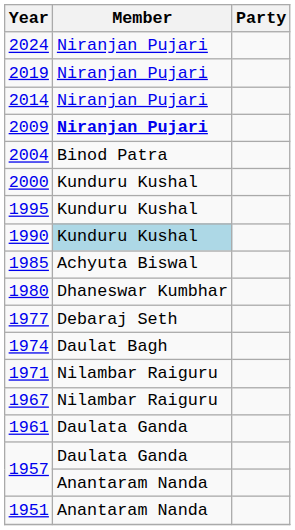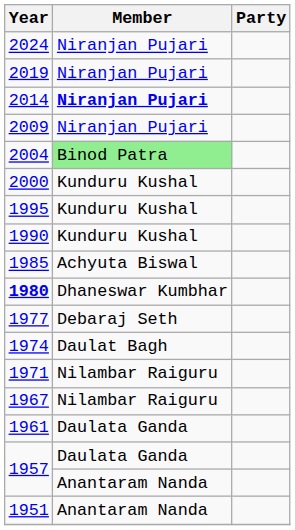 <table class="wikitable sortable">
 <tr>
 <th>Year</th>
 <th>Member</th>
 <th colspan="2">Party</th>
 </tr>
 <tr>
 <td><a href='#'>2024</a></td>
 <td><a href='#'>Niranjan Pujari</a></td>
 <td></td>
 </tr>
 <tr>
 <td><a href='#'>2019</a></td>
 <td><a href='#'>Niranjan Pujari</a></td>
 <td></td>
 </tr>
 <tr>
 <td><a href='#'>2014</a></td>
+<td><strong><a href='#'>Niranjan Pujari</a></strong></td>
+<td></td>
+</tr>
+<tr>
+<td><a href='#'>2009</a></td>
 <td><a href='#'>Niranjan Pujari</a></td>
 <td></td>
 </tr>
 <tr>
-<td><a href='#'>2009</a></td>
-<td><strong><a href='#'>Niranjan Pujari</a></strong></td>
-<td></td>
-</tr>
-<tr>
 <td><a href='#'>2004</a></td>
-<td>Binod Patra</td>
+<td style="background: lightgreen;">Binod Patra</td>
 <td></td>
 </tr>
 <tr>
 <td><a href='#'>2000</a></td>
 <td>Kunduru Kushal</td>
 <td></td>
 </tr>
 <tr>
 <td><a href='#'>1995</a></td>
 <td>Kunduru Kushal</td>
 <td></td>
 </tr>
 <tr>
 <td><a href='#'>1990</a></td>
-<td style="background: lightblue;">Kunduru Kushal</td>
+<td>Kunduru Kushal</td>
 <td></td>
 </tr>
 <tr>
 <td><a href='#'>1985</a></td>
 <td>Achyuta Biswal</td>
 <td></td>
 </tr>
 <tr>
-<td><a href='#'>1980</a></td>
+<td><strong><a href='#'>1980</a></strong></td>
 <td>Dhaneswar Kumbhar</td>
 <td></td>
 </tr>
 <tr>
 <td><a href='#'>1977</a></td>
 <td>Debaraj Seth</td>
 <td></td>
 </tr>
 <tr>
 <td><a href='#'>1974</a></td>
 <td>Daulat Bagh</td>
 <td></td>
 </tr>
 <tr>
 <td><a href='#'>1971</a></td>
 <td>Nilambar Raiguru</td>
 <td></td>
 </tr>
 <tr>
 <td><a href='#'>1967</a></td>
 <td>Nilambar Raiguru</td>
 <td></td>
 </tr>
 <tr>
 <td><a href='#'>1961</a></td>
 <td>Daulata Ganda</td>
 <td></td>
 </tr>
 <tr>
 <td rowspan="2"><a href='#'>1957</a></td>
 <td>Daulata Ganda</td>
 <td></td>
 </tr>
 <tr>
 <td>Anantaram Nanda</td>
 <td></td>
 </tr>
 <tr>
 <td><a href='#'>1951</a></td>
 <td>Anantaram Nanda</td>
 <td></td>
 </tr>
 <tr>
 </tr>
 </table>
